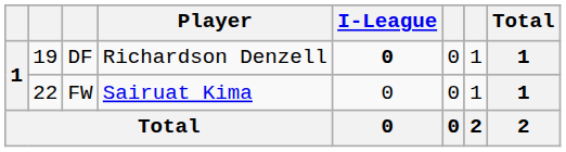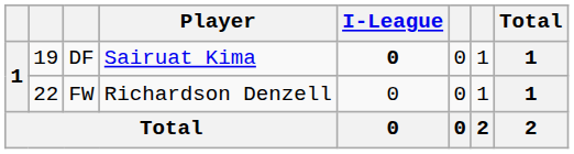 <table class="wikitable sortable" style="text-align:center; font-size:90%;">
 <tr>
 <th></th>
 <th></th>
 <th></th>
 <th>Player</th>
 <th><a href='#'>I-League</a></th>
 <th></th>
 <th></th>
 <th>Total</th>
 </tr>
 <tr>
 <th rowspan="2">1</th>
 <td>19</td>
 <td>DF</td>
-<td style="text-align:left;"> Richardson Denzell</td>
+<td style="text-align:left;"> <a href='#'>Sairuat Kima</a></td>
 <td><strong>0</strong></td>
 <td>0</td>
 <td>1</td>
 <th>1</th>
 </tr>
 <tr>
 <td>22</td>
 <td>FW</td>
-<td style="text-align:left;"> <a href='#'>Sairuat Kima</a></td>
+<td style="text-align:left;"> Richardson Denzell</td>
 <td>0</td>
 <td>0</td>
 <td>1</td>
 <th>1</th>
 </tr>
 <tr>
 <th colspan="4">Total</th>
 <th>0</th>
 <th>0</th>
 <th>2</th>
 <th>2</th>
 </tr>
 </table>
